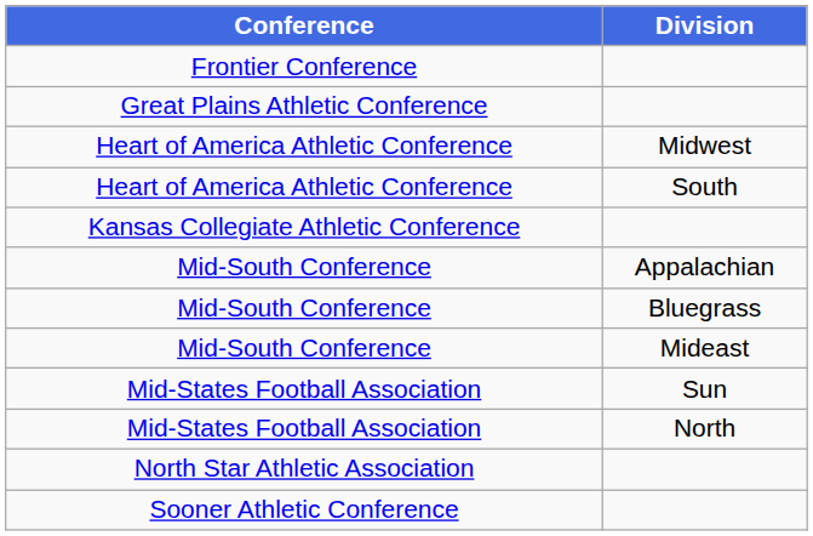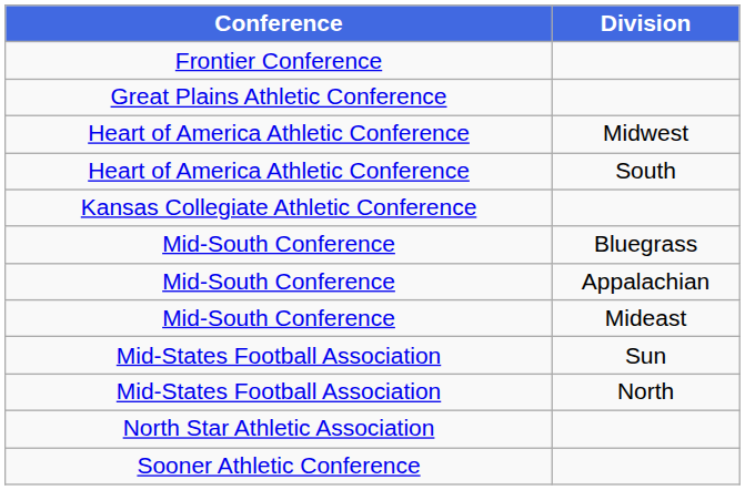 <table class="wikitable" style="width:40%;">
 <tr>
 <th style="background:#4169E1; color:white;">Conference</th>
 <th style="background:#4169E1; color:white;">Division</th>
 </tr>
 <tr style="text-align:center;">
 <td><a href='#'>Frontier Conference</a></td>
 <td></td>
 </tr>
 <tr style="text-align:center;">
 <td><a href='#'>Great Plains Athletic Conference</a></td>
 <td></td>
 </tr>
 <tr style="text-align:center;">
 <td><a href='#'>Heart of America Athletic Conference</a></td>
 <td>Midwest</td>
 </tr>
 <tr style="text-align:center;">
 <td><a href='#'>Heart of America Athletic Conference</a></td>
 <td>South</td>
 </tr>
 <tr style="text-align:center;">
 <td><a href='#'>Kansas Collegiate Athletic Conference</a></td>
 <td></td>
 </tr>
 <tr style="text-align:center;">
 <td><a href='#'>Mid-South Conference</a></td>
-<td>Appalachian</td>
+<td>Bluegrass</td>
 </tr>
 <tr style="text-align:center;">
 <td><a href='#'>Mid-South Conference</a></td>
-<td>Bluegrass</td>
+<td>Appalachian</td>
 </tr>
 <tr style="text-align:center;">
 <td><a href='#'>Mid-South Conference</a></td>
 <td>Mideast</td>
 </tr>
 <tr style="text-align:center;">
 <td><a href='#'>Mid-States Football Association</a></td>
 <td>Sun</td>
 </tr>
 <tr style="text-align:center;">
 <td><a href='#'>Mid-States Football Association</a></td>
 <td>North</td>
 </tr>
 <tr style="text-align:center;">
 <td><a href='#'>North Star Athletic Association</a></td>
 <td></td>
 </tr>
 <tr style="text-align:center;">
 <td><a href='#'>Sooner Athletic Conference</a></td>
 <td></td>
 </tr>
 </table>
